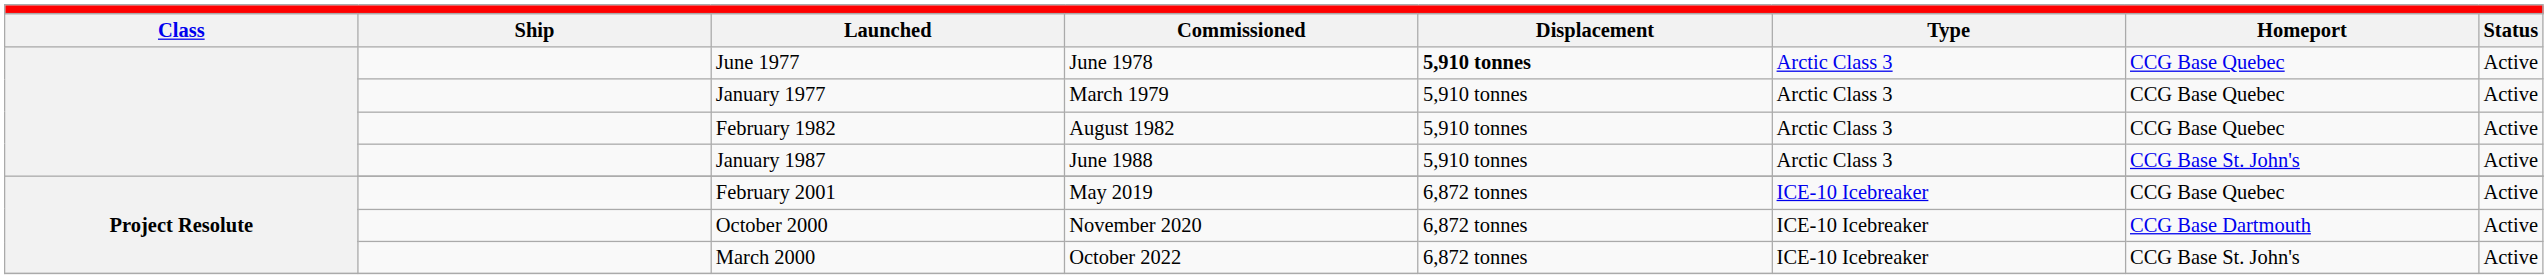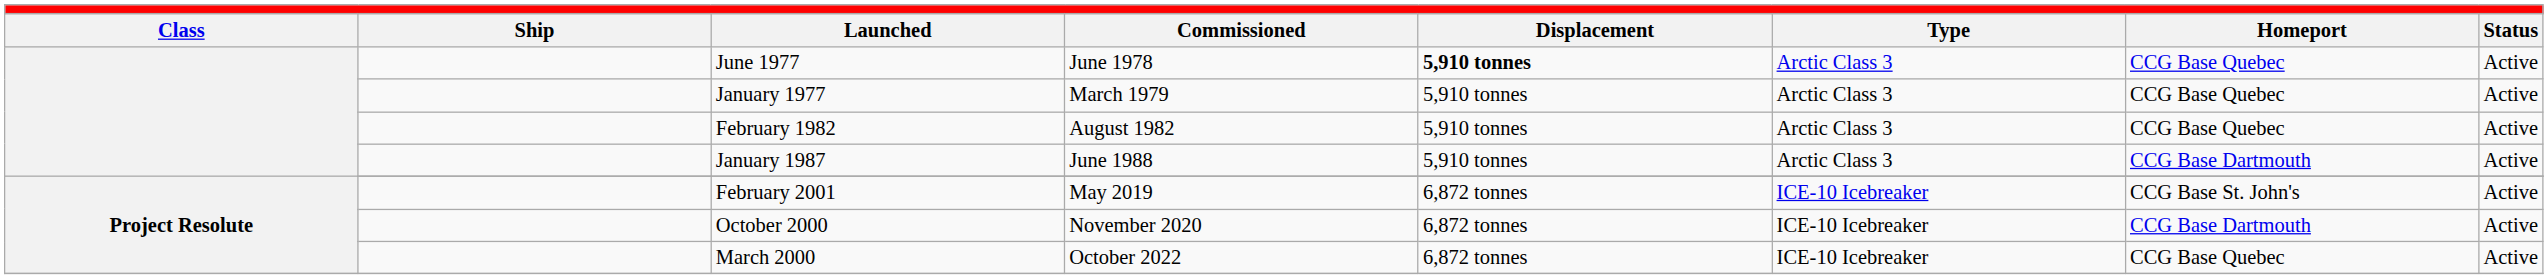 <table class="wikitable" style="margin:auto; width:100%;">
 <tr>
 <th style="align: center; background: #FF0000;" colspan="8"><strong></strong></th>
 </tr>
 <tr>
 </tr>
 <tr>
 <th style="text-align:center; width:14%;"><a href='#'>Class</a></th>
 <th style="text-align:center; width:14%;">Ship</th>
 <th style="text-align:center; width:14%;">Launched</th>
 <th style="text-align:center; width:14%;">Commissioned</th>
 <th style="text-align:center; width:14%;">Displacement</th>
 <th style="text-align:center; width:14%;">Type</th>
 <th style="text-align:center; width:14%;">Homeport</th>
 <th style="text-align:center; width:2%;">Status</th>
 </tr>
 <tr>
 <th rowspan="4"></th>
 <td></td>
 <td>June 1977</td>
 <td>June 1978</td>
 <td><strong>5,910 tonnes</strong></td>
 <td><a href='#'>Arctic Class 3</a></td>
 <td><a href='#'>CCG Base Quebec</a></td>
 <td>Active</td>
 </tr>
 <tr>
 <td></td>
 <td>January 1977</td>
 <td>March 1979</td>
 <td>5,910 tonnes</td>
 <td>Arctic Class 3</td>
 <td>CCG Base Quebec</td>
 <td>Active</td>
 </tr>
 <tr>
 <td></td>
 <td>February 1982</td>
 <td>August 1982</td>
 <td>5,910 tonnes</td>
 <td>Arctic Class 3</td>
 <td>CCG Base Quebec</td>
 <td>Active</td>
 </tr>
 <tr>
 <td></td>
 <td>January 1987</td>
 <td>June 1988</td>
 <td>5,910 tonnes</td>
 <td>Arctic Class 3</td>
-<td><a href='#'>CCG Base St. John's</a></td>
+<td><a href='#'>CCG Base Dartmouth</a></td>
 <td>Active</td>
 </tr>
 <tr>
 <th rowspan="4">Project Resolute</th>
 </tr>
 <tr>
 <td></td>
 <td>February 2001</td>
 <td>May 2019</td>
 <td>6,872 tonnes</td>
 <td><a href='#'>ICE-10 Icebreaker</a></td>
-<td>CCG Base Quebec</td>
+<td>CCG Base St. John's</td>
 <td>Active</td>
 </tr>
 <tr>
 <td></td>
 <td>October 2000</td>
 <td>November 2020</td>
 <td>6,872 tonnes</td>
 <td>ICE-10 Icebreaker</td>
 <td><a href='#'>CCG Base Dartmouth</a></td>
 <td>Active</td>
 </tr>
 <tr>
 <td></td>
 <td>March 2000</td>
 <td>October 2022</td>
 <td>6,872 tonnes</td>
 <td>ICE-10 Icebreaker</td>
-<td>CCG Base St. John's</td>
+<td>CCG Base Quebec</td>
 <td>Active</td>
 </tr>
 <tr>
 </tr>
 </table>
